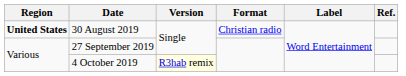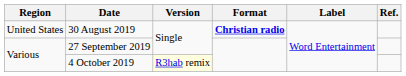 <table class="wikitable plainrowheaders">
 <tr>
 <th scope="col">Region</th>
 <th scope="col">Date</th>
 <th scope="col">Version</th>
 <th scope="col">Format</th>
 <th scope="col">Label</th>
 <th scope="col">Ref.</th>
 </tr>
 <tr>
-<td><strong>United States</strong></td>
+<td>United States</td>
 <td>30 August 2019</td>
 <td rowspan="2">Single</td>
-<td><a href='#'>Christian radio</a></td>
+<td><strong><a href='#'>Christian radio</a></strong></td>
 <td rowspan="3"><a href='#'>Word Entertainment</a></td>
 <td></td>
 </tr>
 <tr>
 <td rowspan="2">Various</td>
 <td>27 September 2019</td>
 <td rowspan="2"></td>
 <td></td>
 </tr>
 <tr>
 <td>4 October 2019</td>
 <td style="background: lightyellow;"><a href='#'>R3hab</a> remix</td>
 <td></td>
 </tr>
 </table>
